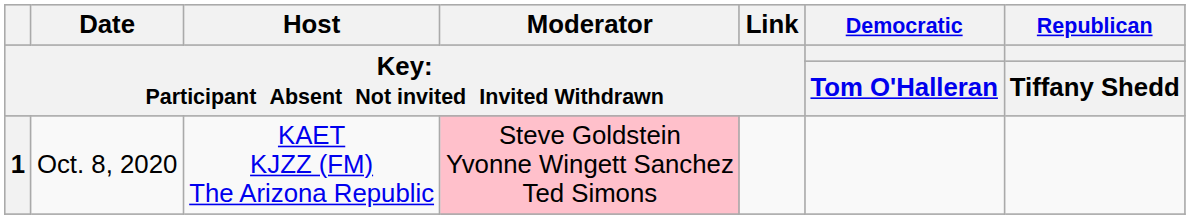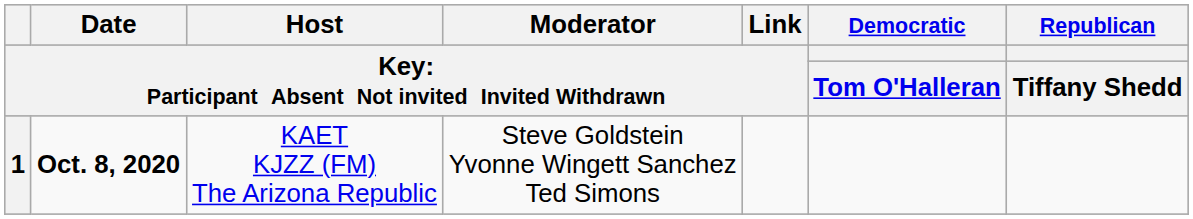 <table class="wikitable" style="text-align:center;">
 <tr>
 <th scope="col"></th>
 <th scope="col">Date</th>
 <th scope="col">Host</th>
 <th scope="col">Moderator</th>
 <th scope="col">Link</th>
 <th scope="col"><small><a href='#'>Democratic</a></small></th>
 <th scope="col"><small><a href='#'>Republican</a></small></th>
 </tr>
 <tr>
 <th colspan="5" rowspan="2">Key:<br> <small>Participant </small>  <small>Absent </small>  <small>Not invited </small>  <small>Invited  Withdrawn</small></th>
 <th scope="col" style="background:"></th>
 <th scope="col" style="background:"></th>
 </tr>
 <tr>
 <th scope="col"><a href='#'>Tom O'Halleran</a></th>
 <th scope="col">Tiffany Shedd</th>
 </tr>
 <tr>
 <th>1</th>
-<td style="white-space:nowrap;">Oct. 8, 2020</td>
+<td style="white-space:nowrap;"><strong>Oct. 8, 2020</strong></td>
 <td style="white-space:nowrap;"><a href='#'>KAET</a><br><a href='#'>KJZZ (FM)</a><br><a href='#'>The Arizona Republic</a></td>
-<td style="background: pink; white-space:nowrap;">Steve Goldstein<br>Yvonne Wingett Sanchez<br>Ted Simons</td>
+<td style="white-space:nowrap;">Steve Goldstein<br>Yvonne Wingett Sanchez<br>Ted Simons</td>
 <td style="white-space:nowrap;"></td>
 <td></td>
 <td></td>
 </tr>
 </table>
